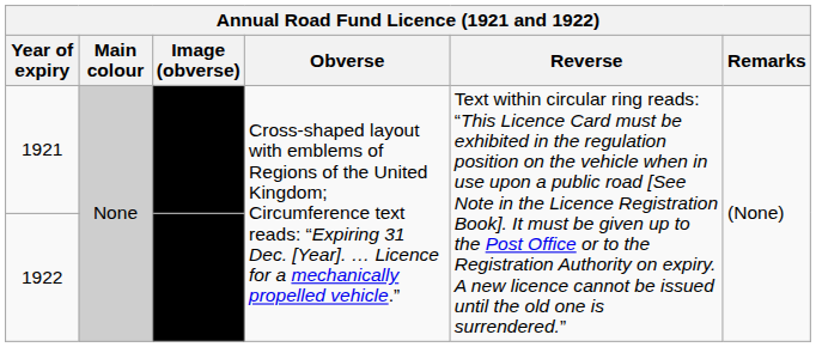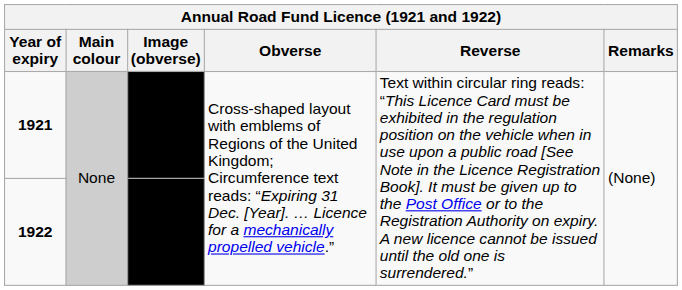 <table class="wikitable collapsible autocollapse" style="font-size: 90%; width: 100%">
 <tr>
 <th colspan="12">Annual Road Fund Licence (1921 and 1922)</th>
 </tr>
 <tr>
 <th style="width: 50px">Year of expiry</th>
 <th style="width: 50px">Main colour</th>
 <th style="width: 53px">Image (obverse)</th>
 <th>Obverse</th>
 <th>Reverse</th>
 <th>Remarks</th>
 </tr>
 <tr>
-<td align="center">1921</td>
+<td align="center"><strong>1921</strong></td>
 <td rowspan=2 align="center" bgcolor=#cecece>None</td>
 <td bgcolor=#000></td>
 <td rowspan=2>Cross-shaped layout with emblems of Regions of the United Kingdom; Circumference text reads: “<em>Expiring 31 Dec. [Year]. … Licence for a <a href='#'>mechanically propelled vehicle</a></em>.”</td>
 <td rowspan=2>Text within circular ring reads: “<em>This Licence Card must be exhibited in the regulation position on the vehicle when in use upon a public road [See Note in the Licence Registration Book]. It must be given up to the <a href='#'>Post Office</a> or to the Registration Authority on expiry. A new licence cannot be issued until the old one is surrendered.</em>”</td>
 <td rowspan=2>(None)</td>
 </tr>
 <tr>
-<td align="center">1922</td>
+<td align="center"><strong>1922</strong></td>
 <td bgcolor=#000></td>
 </tr>
 </table>
